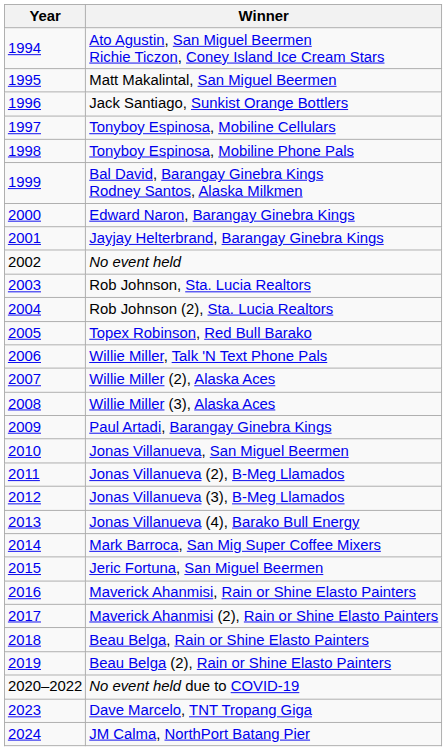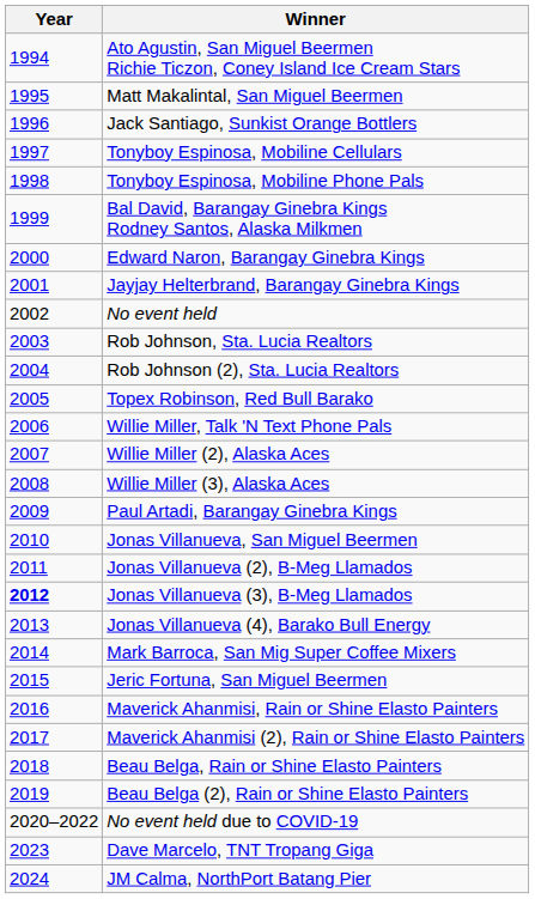 <table class="wikitable sortable">
 <tr>
 <th>Year</th>
 <th>Winner</th>
 </tr>
 <tr>
 <td><a href='#'>1994</a></td>
 <td><a href='#'>Ato Agustin</a>, <a href='#'>San Miguel Beermen</a><br><a href='#'>Richie Ticzon</a>, <a href='#'>Coney Island Ice Cream Stars</a><br></td>
 </tr>
 <tr>
 <td><a href='#'>1995</a></td>
 <td>Matt Makalintal, <a href='#'>San Miguel Beermen</a></td>
 </tr>
 <tr>
 <td><a href='#'>1996</a></td>
 <td>Jack Santiago, <a href='#'>Sunkist Orange Bottlers</a></td>
 </tr>
 <tr>
 <td><a href='#'>1997</a></td>
 <td><a href='#'>Tonyboy Espinosa</a>, <a href='#'>Mobiline Cellulars</a></td>
 </tr>
 <tr>
 <td><a href='#'>1998</a></td>
 <td><a href='#'>Tonyboy Espinosa</a>, <a href='#'>Mobiline Phone Pals</a></td>
 </tr>
 <tr>
 <td><a href='#'>1999</a></td>
 <td><a href='#'>Bal David</a>, <a href='#'>Barangay Ginebra Kings</a><br><a href='#'>Rodney Santos</a>, <a href='#'>Alaska Milkmen</a><br></td>
 </tr>
 <tr>
 <td><a href='#'>2000</a></td>
 <td><a href='#'>Edward Naron</a>, <a href='#'>Barangay Ginebra Kings</a></td>
 </tr>
 <tr>
 <td><a href='#'>2001</a></td>
 <td><a href='#'>Jayjay Helterbrand</a>, <a href='#'>Barangay Ginebra Kings</a></td>
 </tr>
 <tr>
 <td>2002</td>
 <td><em>No event held</em></td>
 </tr>
 <tr>
 <td><a href='#'>2003</a></td>
 <td>Rob Johnson, <a href='#'>Sta. Lucia Realtors</a></td>
 </tr>
 <tr>
 <td><a href='#'>2004</a></td>
 <td>Rob Johnson (2), <a href='#'>Sta. Lucia Realtors</a></td>
 </tr>
 <tr>
 <td><a href='#'>2005</a></td>
 <td><a href='#'>Topex Robinson</a>, <a href='#'>Red Bull Barako</a></td>
 </tr>
 <tr>
 <td><a href='#'>2006</a></td>
 <td><a href='#'>Willie Miller</a>, <a href='#'>Talk 'N Text Phone Pals</a></td>
 </tr>
 <tr>
 <td><a href='#'>2007</a></td>
 <td><a href='#'>Willie Miller</a> (2), <a href='#'>Alaska Aces</a></td>
 </tr>
 <tr>
 <td><a href='#'>2008</a></td>
 <td><a href='#'>Willie Miller</a> (3), <a href='#'>Alaska Aces</a></td>
 </tr>
 <tr>
 <td><a href='#'>2009</a></td>
 <td><a href='#'>Paul Artadi</a>, <a href='#'>Barangay Ginebra Kings</a></td>
 </tr>
 <tr>
 <td><a href='#'>2010</a></td>
 <td><a href='#'>Jonas Villanueva</a>, <a href='#'>San Miguel Beermen</a></td>
 </tr>
 <tr>
 <td><a href='#'>2011</a></td>
 <td><a href='#'>Jonas Villanueva</a> (2), <a href='#'>B-Meg Llamados</a></td>
 </tr>
 <tr>
-<td><a href='#'>2012</a></td>
+<td><strong><a href='#'>2012</a></strong></td>
 <td><a href='#'>Jonas Villanueva</a> (3), <a href='#'>B-Meg Llamados</a></td>
 </tr>
 <tr>
 <td><a href='#'>2013</a></td>
 <td><a href='#'>Jonas Villanueva</a> (4), <a href='#'>Barako Bull Energy</a></td>
 </tr>
 <tr>
 <td><a href='#'>2014</a></td>
 <td><a href='#'>Mark Barroca</a>, <a href='#'>San Mig Super Coffee Mixers</a></td>
 </tr>
 <tr>
 <td><a href='#'>2015</a></td>
 <td><a href='#'>Jeric Fortuna</a>, <a href='#'>San Miguel Beermen</a></td>
 </tr>
 <tr>
 <td><a href='#'>2016</a></td>
 <td><a href='#'>Maverick Ahanmisi</a>, <a href='#'>Rain or Shine Elasto Painters</a></td>
 </tr>
 <tr>
 <td><a href='#'>2017</a></td>
 <td><a href='#'>Maverick Ahanmisi</a> (2), <a href='#'>Rain or Shine Elasto Painters</a></td>
 </tr>
 <tr>
 <td><a href='#'>2018</a></td>
 <td><a href='#'>Beau Belga</a>, <a href='#'>Rain or Shine Elasto Painters</a></td>
 </tr>
 <tr>
 <td><a href='#'>2019</a></td>
 <td><a href='#'>Beau Belga</a> (2), <a href='#'>Rain or Shine Elasto Painters</a></td>
 </tr>
 <tr>
 <td>2020–2022</td>
 <td><em>No event held</em> due to <a href='#'>COVID-19</a></td>
 </tr>
 <tr>
 <td><a href='#'>2023</a></td>
 <td><a href='#'>Dave Marcelo</a>, <a href='#'>TNT Tropang Giga</a></td>
 </tr>
 <tr>
 <td><a href='#'>2024</a></td>
 <td><a href='#'>JM Calma</a>, <a href='#'>NorthPort Batang Pier</a></td>
 </tr>
 </table>
